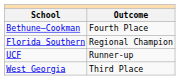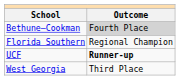 <table class="wikitable" style="float:left; margin-right:1em;">
 <tr>
 <th colspan="3" style="background:#ffdead;"></th>
 </tr>
 <tr>
 <th>School</th>
 <th>Outcome</th>
 </tr>
 <tr>
 <td><a href='#'>Bethune–Cookman</a></td>
-<td>Fourth Place</td>
+<td style="background: lightgrey;">Fourth Place</td>
 </tr>
 <tr>
 <td><a href='#'>Florida Southern</a></td>
 <td>Regional Champion</td>
 </tr>
 <tr>
 <td><a href='#'>UCF</a></td>
-<td>Runner-up</td>
+<td><strong>Runner-up</strong></td>
 </tr>
 <tr>
 <td><a href='#'>West Georgia</a></td>
 <td>Third Place</td>
 </tr>
 </table>
